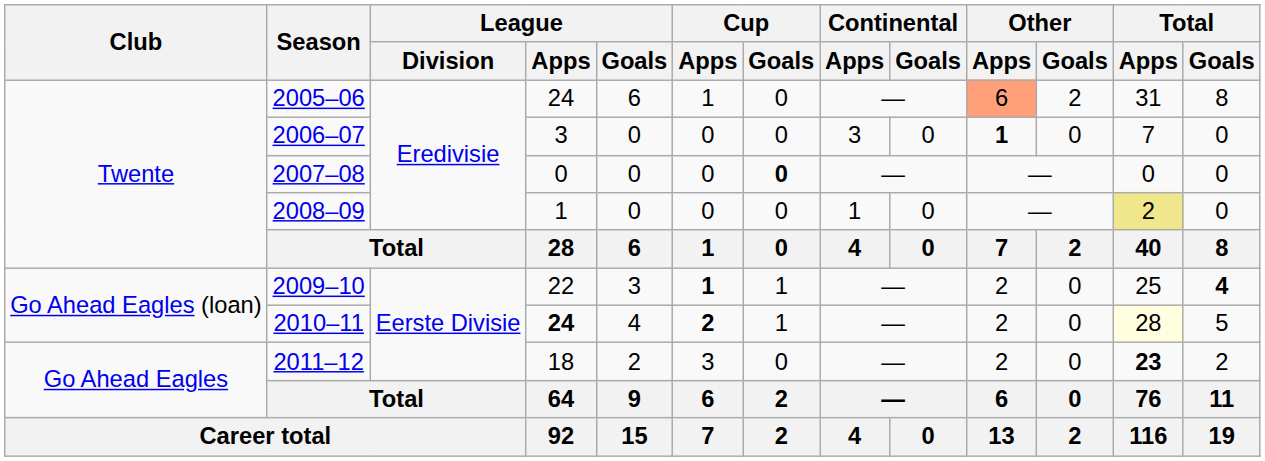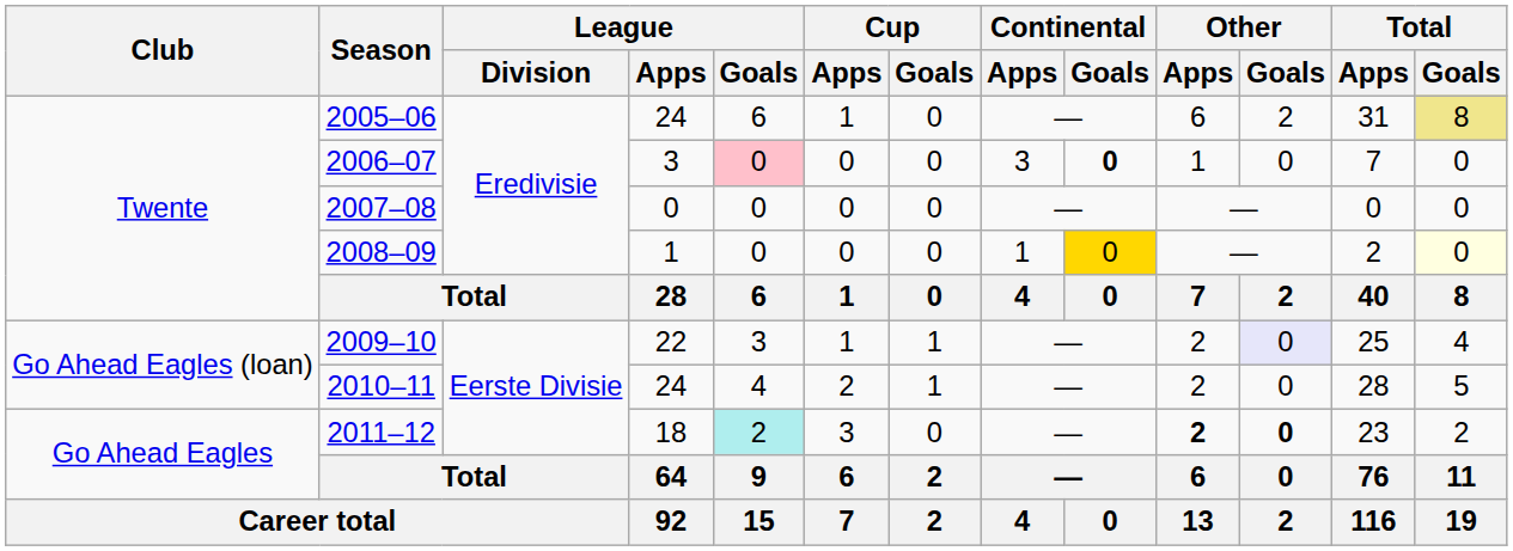 <table class="wikitable" style="text-align: center;">
 <tr>
 <th rowspan="2">Club</th>
 <th rowspan="2">Season</th>
 <th colspan="3">League</th>
 <th colspan="2">Cup</th>
 <th colspan="2">Continental</th>
 <th colspan="2">Other</th>
 <th colspan="2">Total</th>
 </tr>
 <tr>
 <th>Division</th>
 <th>Apps</th>
 <th>Goals</th>
 <th>Apps</th>
 <th>Goals</th>
 <th>Apps</th>
 <th>Goals</th>
 <th>Apps</th>
 <th>Goals</th>
 <th>Apps</th>
 <th>Goals</th>
 </tr>
 <tr>
 <td rowspan="5"><a href='#'>Twente</a></td>
 <td><a href='#'>2005–06</a></td>
 <td rowspan="4"><a href='#'>Eredivisie</a></td>
 <td>24</td>
 <td>6</td>
 <td>1</td>
 <td>0</td>
 <td colspan="2">—</td>
-<td style="background: lightsalmon;">6</td>
+<td>6</td>
 <td>2</td>
 <td>31</td>
-<td>8</td>
+<td style="background: khaki;">8</td>
 </tr>
 <tr>
 <td><a href='#'>2006–07</a></td>
 <td>3</td>
-<td>0</td>
+<td style="background: pink;">0</td>
 <td>0</td>
 <td>0</td>
 <td>3</td>
-<td>0</td>
-<td><strong>1</strong></td>
+<td><strong>0</strong></td>
+<td>1</td>
 <td>0</td>
 <td>7</td>
 <td>0</td>
 </tr>
 <tr>
 <td><a href='#'>2007–08</a></td>
 <td>0</td>
 <td>0</td>
 <td>0</td>
-<td><strong>0</strong></td>
+<td>0</td>
 <td colspan="2">—</td>
 <td colspan="2">—</td>
 <td>0</td>
 <td>0</td>
 </tr>
 <tr>
 <td><a href='#'>2008–09</a></td>
 <td>1</td>
 <td>0</td>
 <td>0</td>
 <td>0</td>
 <td>1</td>
-<td>0</td>
+<td style="background: gold;">0</td>
 <td colspan="2">—</td>
-<td style="background: khaki;">2</td>
-<td>0</td>
+<td>2</td>
+<td style="background: lightyellow;">0</td>
 </tr>
 <tr>
 <th colspan="2">Total</th>
 <th>28</th>
 <th>6</th>
 <th>1</th>
 <th>0</th>
 <th>4</th>
 <th>0</th>
 <th>7</th>
 <th>2</th>
 <th>40</th>
 <th>8</th>
 </tr>
 <tr>
 <td rowspan="2"><a href='#'>Go Ahead Eagles</a> (loan)</td>
 <td><a href='#'>2009–10</a></td>
 <td rowspan="3"><a href='#'>Eerste Divisie</a></td>
 <td>22</td>
 <td>3</td>
-<td><strong>1</strong></td>
+<td>1</td>
+<td>1</td>
+<td colspan="2">—</td>
+<td>2</td>
+<td style="background: lavender;">0</td>
+<td>25</td>
+<td>4</td>
+</tr>
+<tr>
+<td><a href='#'>2010–11</a></td>
+<td>24</td>
+<td>4</td>
+<td>2</td>
 <td>1</td>
 <td colspan="2">—</td>
 <td>2</td>
 <td>0</td>
-<td>25</td>
-<td><strong>4</strong></td>
-</tr>
-<tr>
-<td><a href='#'>2010–11</a></td>
-<td><strong>24</strong></td>
-<td>4</td>
-<td><strong>2</strong></td>
-<td>1</td>
-<td colspan="2">—</td>
-<td>2</td>
-<td>0</td>
-<td style="background: lightyellow;">28</td>
+<td>28</td>
 <td>5</td>
 </tr>
 <tr>
 <td rowspan="2"><a href='#'>Go Ahead Eagles</a></td>
 <td><a href='#'>2011–12</a></td>
 <td>18</td>
-<td>2</td>
+<td style="background: paleturquoise;">2</td>
 <td>3</td>
 <td>0</td>
 <td colspan="2">—</td>
-<td>2</td>
-<td>0</td>
-<td><strong>23</strong></td>
+<td><strong>2</strong></td>
+<td><strong>0</strong></td>
+<td>23</td>
 <td>2</td>
 </tr>
 <tr>
 <th colspan="2">Total</th>
 <th>64</th>
 <th>9</th>
 <th>6</th>
 <th>2</th>
 <th colspan="2">—</th>
 <th>6</th>
 <th>0</th>
 <th>76</th>
 <th>11</th>
 </tr>
 <tr>
 <th colspan="3">Career total</th>
 <th>92</th>
 <th>15</th>
 <th>7</th>
 <th>2</th>
 <th>4</th>
 <th>0</th>
 <th>13</th>
 <th>2</th>
 <th>116</th>
 <th>19</th>
 </tr>
 </table>
